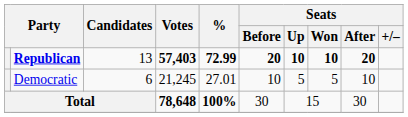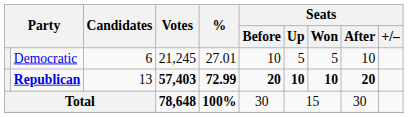 <table class="wikitable">
 <tr>
 <th rowspan="2" colspan="2">Party</th>
 <th rowspan="2">Candidates</th>
 <th rowspan="2">Votes</th>
 <th rowspan="2">%</th>
 <th colspan="5">Seats</th>
 </tr>
 <tr>
 <th>Before<br></th>
 <th>Up</th>
 <th>Won</th>
 <th>After<br></th>
 <th>+/–</th>
 </tr>
 <tr>
 <th style="background-color:"></th>
+<td><a href='#'>Democratic</a></td>
+<td align="right">6</td>
+<td align="right">21,245</td>
+<td align="right">27.01</td>
+<td align="right">10</td>
+<td align="right">5</td>
+<td align="right">5</td>
+<td align="right">10</td>
+<td align="right"></td>
+</tr>
+<tr>
+<th style="background-color:"></th>
 <td><strong><a href='#'>Republican</a></strong></td>
 <td align="right">13</td>
 <td align="right"><strong>57,403</strong></td>
 <td align="right"><strong>72.99</strong></td>
 <td align="right"><strong>20</strong></td>
 <td align="right"><strong>10</strong></td>
 <td align="right"><strong>10</strong></td>
 <td align="right"><strong>20</strong></td>
-<td align="right"></td>
-</tr>
-<tr>
-<th style="background-color:"></th>
-<td><a href='#'>Democratic</a></td>
-<td align="right">6</td>
-<td align="right">21,245</td>
-<td align="right">27.01</td>
-<td align="right">10</td>
-<td align="right">5</td>
-<td align="right">5</td>
-<td align="right">10</td>
 <td align="right"></td>
 </tr>
 <tr>
 <th colspan="3">Total</th>
 <td align="right"><strong>78,648</strong></td>
 <td align="right"><strong>100%</strong></td>
 <td align="center">30</td>
 <td colspan="2" align="center">15</td>
 <td align="center">30</td>
 <td align="right"></td>
 </tr>
 <tr>
 </tr>
 </table>
